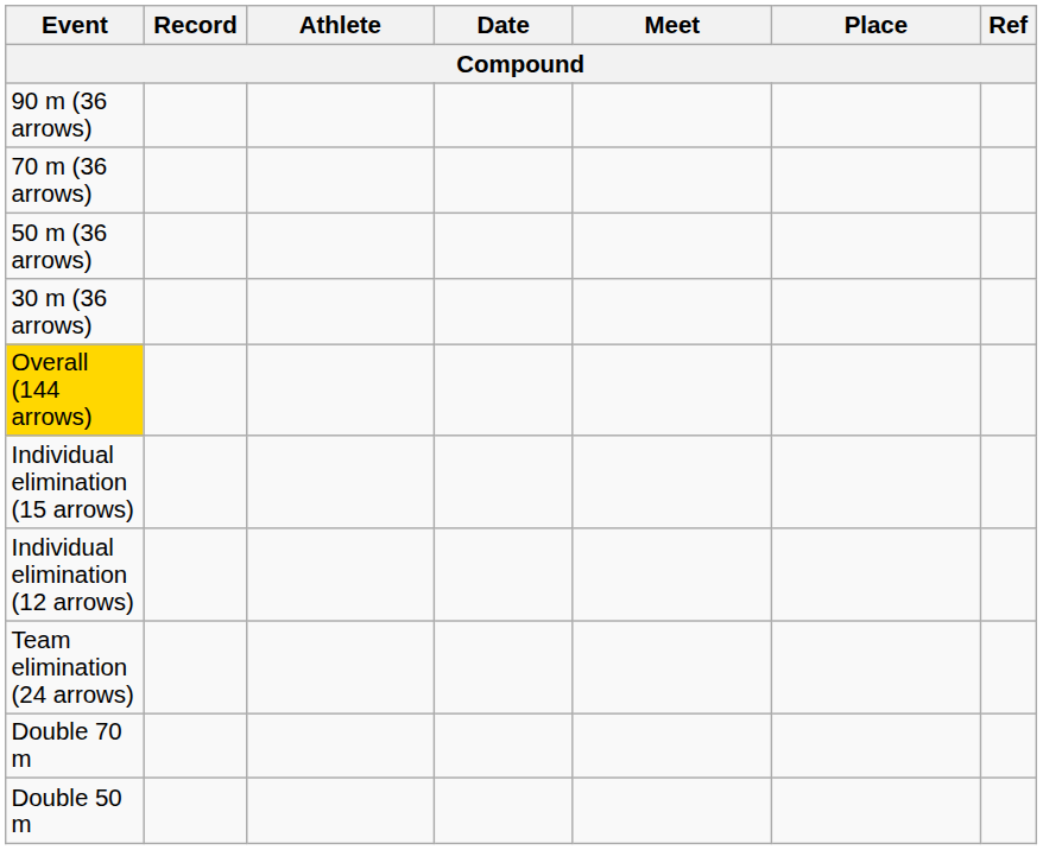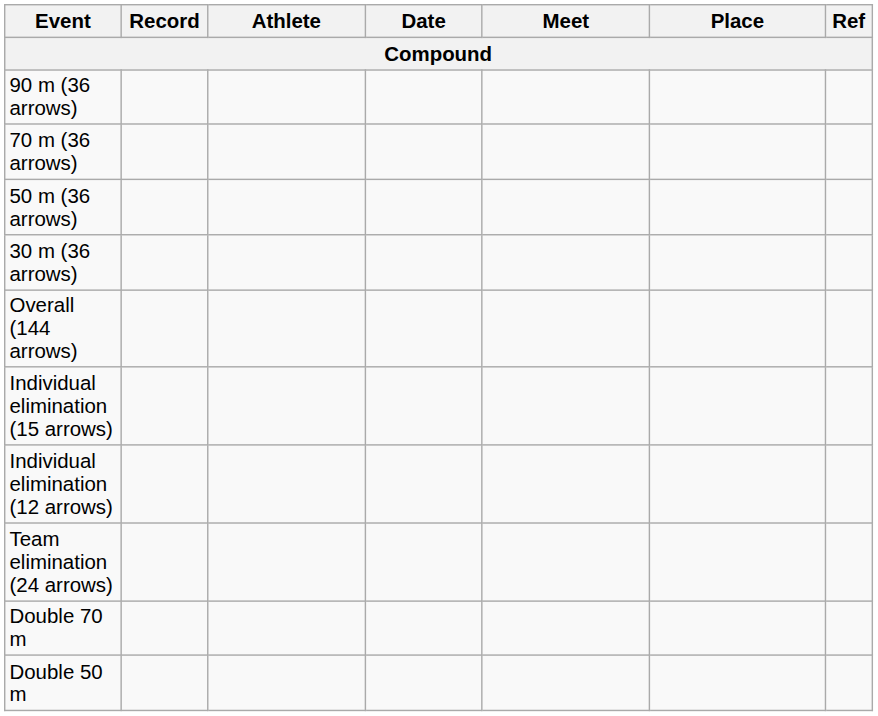 <table class="wikitable" style="font-size:90%; width: 98%;">
 <tr>
 <th width=8%>Event</th>
 <th width=6%>Record</th>
 <th width=16%>Athlete</th>
 <th width=12%>Date</th>
 <th width=17%>Meet</th>
 <th width=18%>Place</th>
 <th width=3%>Ref</th>
 </tr>
 <tr bgcolor="#DDDDDD">
 <th colspan="8">Compound</th>
 </tr>
 <tr>
 <td>90 m (36 arrows)</td>
 <td align=center></td>
 <td></td>
 <td></td>
 <td></td>
 <td></td>
 <td></td>
 </tr>
 <tr>
 <td>70 m (36 arrows)</td>
 <td align=center></td>
 <td></td>
 <td></td>
 <td></td>
 <td></td>
 <td></td>
 </tr>
 <tr>
 <td>50 m (36 arrows)</td>
 <td align=center></td>
 <td></td>
 <td></td>
 <td></td>
 <td></td>
 <td></td>
 </tr>
 <tr>
 <td>30 m (36 arrows)</td>
 <td align=center></td>
 <td></td>
 <td></td>
 <td></td>
 <td></td>
 <td></td>
 </tr>
 <tr>
-<td style="background: gold;">Overall (144 arrows)</td>
+<td>Overall (144 arrows)</td>
 <td align=center></td>
 <td></td>
 <td></td>
 <td></td>
 <td></td>
 <td></td>
 </tr>
 <tr>
 <td>Individual elimination (15 arrows)</td>
 <td align=center></td>
 <td></td>
 <td></td>
 <td></td>
 <td></td>
 <td></td>
 </tr>
 <tr>
 <td>Individual elimination (12 arrows)</td>
 <td align=center></td>
 <td></td>
 <td></td>
 <td></td>
 <td></td>
 <td></td>
 </tr>
 <tr>
 <td>Team elimination (24 arrows)</td>
 <td align=center></td>
 <td></td>
 <td></td>
 <td></td>
 <td></td>
 <td></td>
 </tr>
 <tr>
 <td>Double 70 m</td>
 <td align=center></td>
 <td></td>
 <td></td>
 <td></td>
 <td></td>
 <td></td>
 </tr>
 <tr>
 <td>Double 50 m</td>
 <td align=center></td>
 <td></td>
 <td></td>
 <td></td>
 <td></td>
 <td></td>
 </tr>
 </table>
